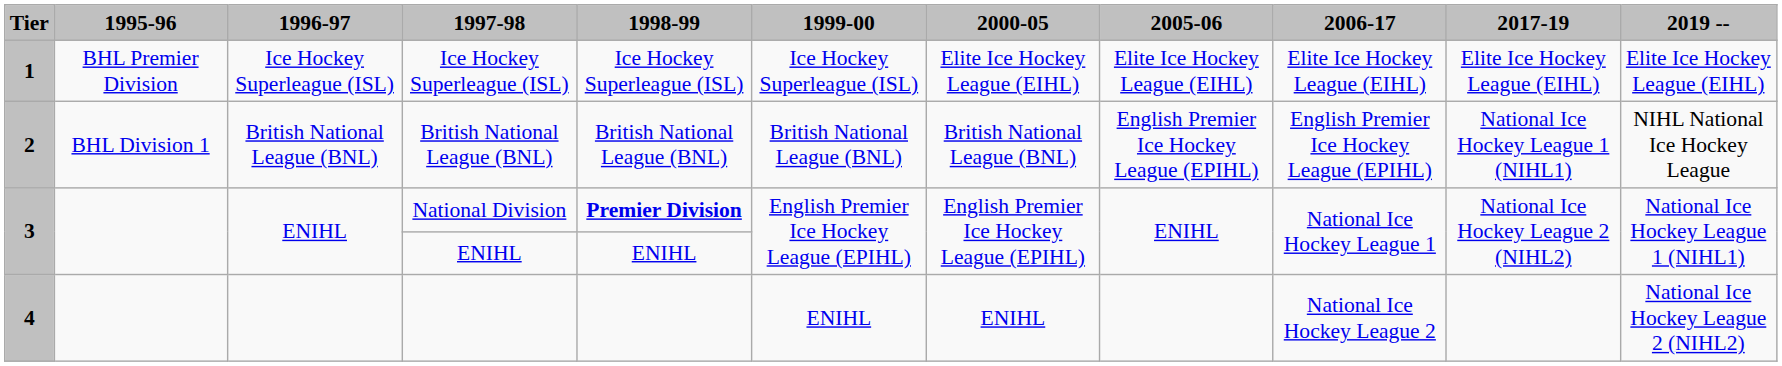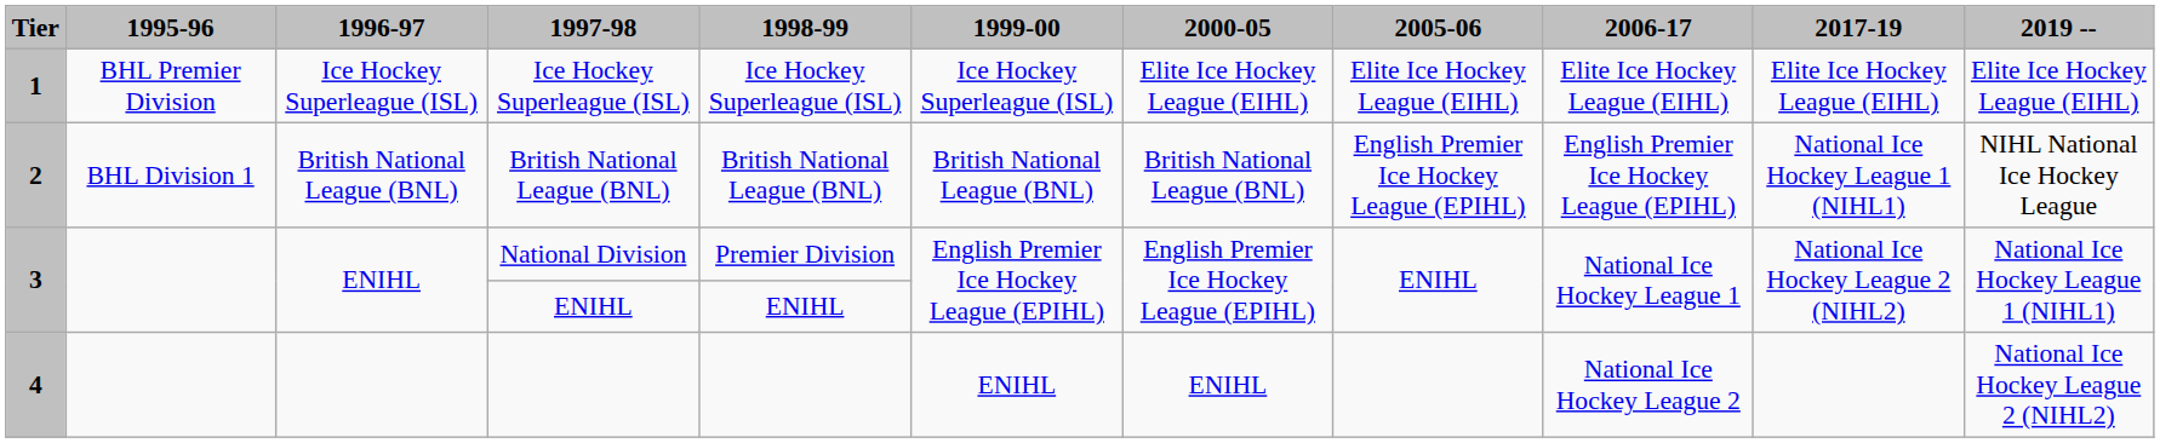 <table class="wikitable" style="font-size: 95%; text-align:center">
 <tr>
 <th ! style="width:1%; background:silver;"><strong>Tier</strong></th>
 <th ! style="width:10%; background:silver;"><strong>1995-96</strong></th>
 <th ! style="width:10%; background:silver;"><strong>1996-97</strong></th>
 <th ! style="width:10%; background:silver;"><strong>1997-98</strong></th>
 <th ! style="width:10%; background:silver;"><strong>1998-99</strong></th>
 <th ! style="width:10%; background:silver;"><strong>1999-00</strong></th>
 <th ! style="width:10%; background:silver;"><strong>2000-05</strong></th>
 <th ! style="width:10%; background:silver;"><strong>2005-06</strong></th>
 <th ! style="width:10%; background:silver;"><strong>2006-17</strong></th>
 <th ! style="width:10%; background:silver;"><strong>2017-19</strong></th>
 <th ! style="width:10%; background:silver;"><strong>2019 --</strong></th>
 </tr>
 <tr>
 <td ! style="width:1%; background:silver;"><strong>1</strong></td>
 <td><a href='#'>BHL Premier Division</a></td>
 <td><a href='#'>Ice Hockey Superleague (ISL)</a></td>
 <td><a href='#'>Ice Hockey Superleague (ISL)</a></td>
 <td><a href='#'>Ice Hockey Superleague (ISL)</a></td>
 <td><a href='#'>Ice Hockey Superleague (ISL)</a></td>
 <td><a href='#'>Elite Ice Hockey League (EIHL)</a></td>
 <td><a href='#'>Elite Ice Hockey League (EIHL)</a></td>
 <td><a href='#'>Elite Ice Hockey League (EIHL)</a></td>
 <td><a href='#'>Elite Ice Hockey League (EIHL)</a></td>
 <td><a href='#'>Elite Ice Hockey League (EIHL)</a></td>
 </tr>
 <tr>
 <td ! style="width:1%; background:silver;"><strong>2</strong></td>
 <td><a href='#'>BHL Division 1</a></td>
 <td><a href='#'>British National League (BNL)</a></td>
 <td><a href='#'>British National League (BNL)</a></td>
 <td><a href='#'>British National League (BNL)</a></td>
 <td><a href='#'>British National League (BNL)</a></td>
 <td><a href='#'>British National League (BNL)</a></td>
 <td><a href='#'>English Premier Ice Hockey League (EPIHL)</a></td>
 <td><a href='#'>English Premier Ice Hockey League (EPIHL)</a></td>
 <td><a href='#'>National Ice Hockey League 1 (NIHL1)</a></td>
 <td>NIHL National Ice Hockey League</td>
 </tr>
 <tr>
 <td ! style="width:1%; background:silver;" rowspan="2"><strong>3</strong></td>
 <td rowspan="2"></td>
 <td rowspan="2"><a href='#'>ENIHL</a></td>
 <td><a href='#'>National Division</a></td>
-<td><strong><a href='#'>Premier Division</a></strong></td>
+<td><a href='#'>Premier Division</a></td>
 <td rowspan="2"><a href='#'>English Premier Ice Hockey League (EPIHL)</a></td>
 <td rowspan="2"><a href='#'>English Premier Ice Hockey League (EPIHL)</a></td>
 <td rowspan="2"><a href='#'>ENIHL</a></td>
 <td rowspan="2"><a href='#'>National Ice Hockey League 1</a></td>
 <td rowspan="2"><a href='#'>National Ice Hockey League 2 (NIHL2)</a></td>
 <td rowspan="2"><a href='#'>National Ice Hockey League 1 (NIHL1)</a></td>
 </tr>
 <tr>
 <td><a href='#'>ENIHL</a></td>
 <td><a href='#'>ENIHL</a></td>
 </tr>
 <tr>
 <td ! style="width:1%; background:silver;"><strong>4</strong></td>
 <td></td>
 <td></td>
 <td></td>
 <td></td>
 <td><a href='#'>ENIHL</a></td>
 <td><a href='#'>ENIHL</a></td>
 <td></td>
 <td><a href='#'>National Ice Hockey League 2</a></td>
 <td></td>
 <td><a href='#'>National Ice Hockey League 2 (NIHL2)</a></td>
 </tr>
 </table>
